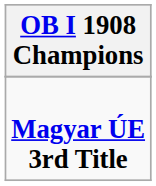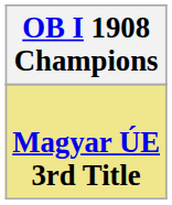 <table class="wikitable" style="text-align: center; margin: 0 auto;">
 <tr>
 <th><a href='#'>OB I</a> 1908<br>Champions</th>
 </tr>
 <tr>
 </tr>
 <tr>
-<td><br><strong><a href='#'>Magyar ÚE</a></strong><br><strong>3rd Title</strong></td>
+<td style="background: khaki;"><br><strong><a href='#'>Magyar ÚE</a></strong><br><strong>3rd Title</strong></td>
 </tr>
 </table>
